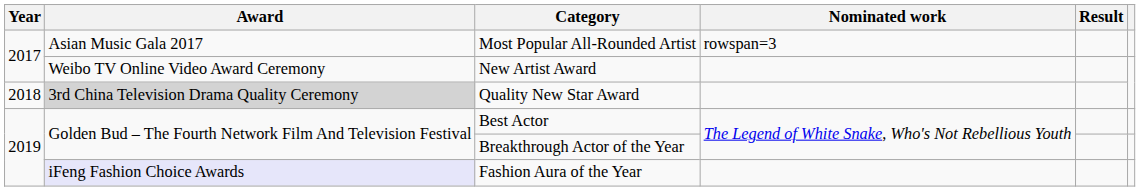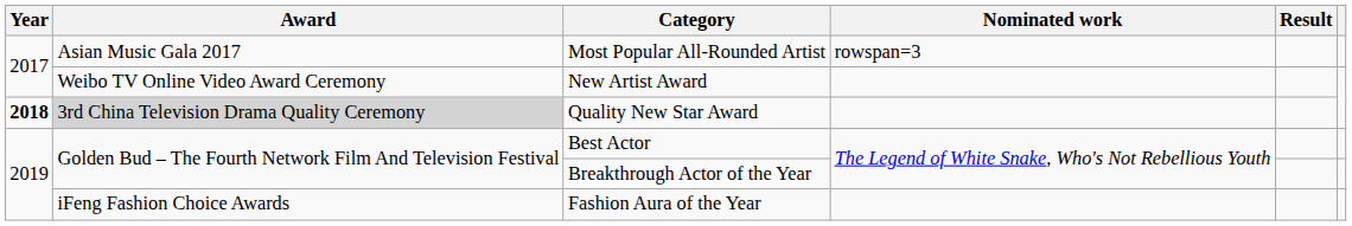 <table class="wikitable">
 <tr>
 <th>Year</th>
 <th>Award</th>
 <th>Category</th>
 <th>Nominated work</th>
 <th>Result</th>
 <th class="unsortable"></th>
 </tr>
 <tr>
 <td rowspan=2>2017</td>
 <td>Asian Music Gala 2017</td>
 <td>Most Popular All-Rounded Artist</td>
 <td>rowspan=3 </td>
 <td></td>
 <td></td>
 </tr>
 <tr>
 <td>Weibo TV Online Video Award Ceremony</td>
 <td>New Artist Award</td>
 <td></td>
 <td></td>
 </tr>
 <tr>
-<td>2018</td>
+<td><strong>2018</strong></td>
 <td style="background: lightgrey;">3rd China Television Drama Quality Ceremony</td>
 <td>Quality New Star Award</td>
 <td></td>
 <td></td>
 </tr>
 <tr>
 <td rowspan=3>2019</td>
 <td rowspan=2>Golden Bud – The Fourth Network Film And Television Festival</td>
 <td>Best Actor</td>
 <td rowspan=2><em><a href='#'>The Legend of White Snake</a></em>, <em>Who's Not Rebellious Youth</em></td>
 <td></td>
 <td></td>
 </tr>
 <tr>
 <td>Breakthrough Actor of the Year</td>
 <td></td>
 <td></td>
 </tr>
 <tr>
-<td style="background: lavender;">iFeng Fashion Choice Awards</td>
+<td>iFeng Fashion Choice Awards</td>
 <td>Fashion Aura of the Year</td>
 <td></td>
 <td></td>
 <td></td>
 </tr>
 </table>
